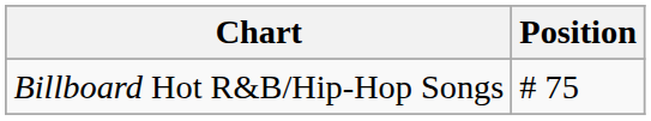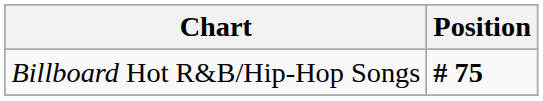 <table class="wikitable">
 <tr>
 <th align="left">Chart</th>
 <th align="left">Position</th>
 </tr>
 <tr>
 <td align="left"><em>Billboard</em> Hot R&B/Hip-Hop Songs</td>
-<td align="left"># 75</td>
+<td align="left"><strong># 75</strong></td>
 </tr>
 </table>
